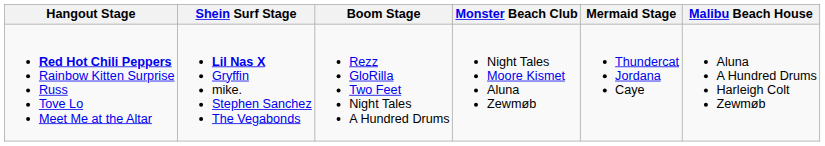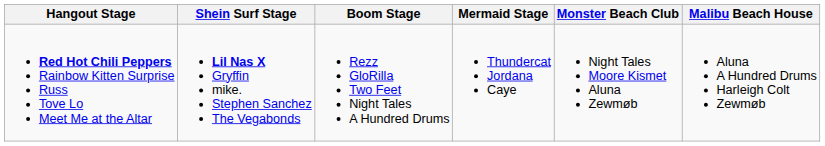 <table class="wikitable">
 <tr>
 <th>Hangout Stage</th>
 <th><a href='#'>Shein</a> Surf Stage</th>
 <th>Boom Stage</th>
+<th>Mermaid Stage</th>
 <th><a href='#'>Monster</a> Beach Club</th>
-<th>Mermaid Stage</th>
 <th><a href='#'>Malibu</a> Beach House</th>
 </tr>
 <tr valign="top">
 <td><br><ul><li><strong><a href='#'>Red Hot Chili Peppers</a></strong></li><li><a href='#'>Rainbow Kitten Surprise</a></li><li><a href='#'>Russ</a></li><li><a href='#'>Tove Lo</a></li><li><a href='#'>Meet Me at the Altar</a></li></ul></td>
 <td><br><ul><li><strong><a href='#'>Lil Nas X</a></strong></li><li><a href='#'>Gryffin</a></li><li>mike.</li><li><a href='#'>Stephen Sanchez</a></li><li><a href='#'>The Vegabonds</a></li></ul></td>
 <td><br><ul><li><a href='#'>Rezz</a></li><li><a href='#'>GloRilla</a></li><li><a href='#'>Two Feet</a></li><li>Night Tales</li><li>A Hundred Drums</li></ul></td>
+<td><br><ul><li><a href='#'>Thundercat</a></li><li><a href='#'>Jordana</a></li><li>Caye</li></ul></td>
 <td><br><ul><li>Night Tales</li><li><a href='#'>Moore Kismet</a></li><li>Aluna</li><li>Zewmøb</li></ul></td>
-<td><br><ul><li><a href='#'>Thundercat</a></li><li><a href='#'>Jordana</a></li><li>Caye</li></ul></td>
 <td><br><ul><li>Aluna</li><li>A Hundred Drums</li><li>Harleigh Colt</li><li>Zewmøb</li></ul></td>
 </tr>
 </table>
